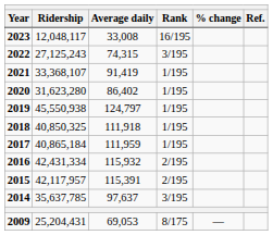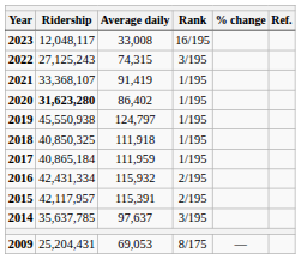 <table class="wikitable sortable" style="text-align:right;">
 <tr>
 <th colspan="6" style="background-color:#"></th>
 </tr>
 <tr style="font-size:95%; text-align:center">
 <th style="border-bottom:1px solid black">Year</th>
 <th style="border-bottom:1px solid black">Ridership</th>
 <th style="border-bottom:1px solid black">Average daily</th>
 <th style="border-bottom:1px solid black">Rank</th>
 <th style="border-bottom:1px solid black">% change</th>
 <th style="border-bottom:1px solid black">Ref.</th>
 </tr>
 <tr style="text-align:center;">
 <td><strong>2023</strong></td>
 <td>12,048,117</td>
 <td>33,008</td>
 <td>16/195</td>
 <td></td>
 <td></td>
 </tr>
 <tr style="text-align:center;">
 <td><strong>2022</strong></td>
 <td>27,125,243</td>
 <td>74,315</td>
 <td>3/195</td>
 <td></td>
 <td></td>
 </tr>
 <tr style="text-align:center;">
 <td><strong>2021</strong></td>
 <td>33,368,107</td>
 <td>91,419</td>
 <td>1/195</td>
 <td></td>
 <td></td>
 </tr>
 <tr style="text-align:center;">
 <td><strong>2020</strong></td>
-<td>31,623,280</td>
+<td><strong>31,623,280</strong></td>
 <td>86,402</td>
 <td>1/195</td>
 <td></td>
 <td></td>
 </tr>
 <tr style="text-align:center;">
 <td><strong>2019</strong></td>
 <td>45,550,938</td>
 <td>124,797</td>
 <td>1/195</td>
 <td></td>
 <td></td>
 </tr>
 <tr style="text-align:center;">
 <td><strong>2018</strong></td>
 <td>40,850,325</td>
 <td>111,918</td>
 <td>1/195</td>
 <td></td>
 <td></td>
 </tr>
 <tr style="text-align:center;">
 <td><strong>2017</strong></td>
 <td>40,865,184</td>
 <td>111,959</td>
 <td>1/195</td>
 <td></td>
 <td></td>
 </tr>
 <tr style="text-align:center;">
 <td><strong>2016</strong></td>
 <td>42,431,334</td>
 <td>115,932</td>
 <td>2/195</td>
 <td></td>
 <td></td>
 </tr>
 <tr style="text-align:center;">
 <td><strong>2015</strong></td>
 <td>42,117,957</td>
 <td>115,391</td>
 <td>2/195</td>
 <td></td>
 <td></td>
 </tr>
 <tr style="text-align:center;">
 <td><strong>2014</strong></td>
 <td>35,637,785</td>
 <td>97,637</td>
 <td>3/195</td>
 <td></td>
 <td></td>
 </tr>
 <tr>
 <th colspan="6" style="background-color:#"></th>
 </tr>
 <tr style="text-align:center;">
 <td><strong>2009</strong></td>
 <td>25,204,431</td>
 <td>69,053</td>
 <td>8/175</td>
 <td>—</td>
 <td></td>
 </tr>
 </table>
